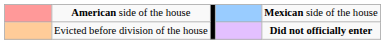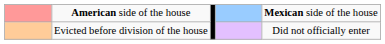 <table class="wikitable" style="font-size:80%; text-align:center; margin-left: auto; margin-right: auto;">
 <tr>
 <td bgcolor="#FF9999" style="width: 50px;"></td>
 <td><strong>American</strong> side of the house</td>
 <td style="background:#000000;" rowspan="2"></td>
 <td bgcolor="#99CCFF" style="width: 50px;"></td>
 <td><strong>Mexican</strong> side of the house</td>
 </tr>
 <tr>
 <td bgcolor="FFCC99" style="width: 50px;"></td>
 <td>Evicted before division of the house</td>
 <td bgcolor="E3C0FF" style="width: 50px;"></td>
-<td><strong>Did not officially enter</strong></td>
+<td>Did not officially enter</td>
 </tr>
 </table>
